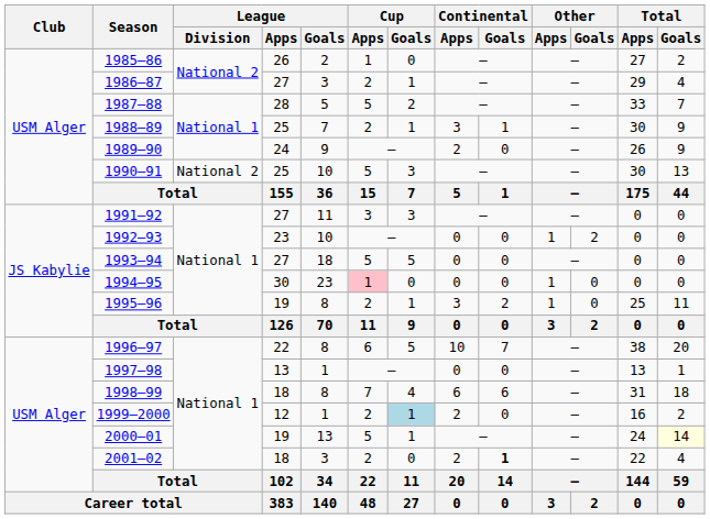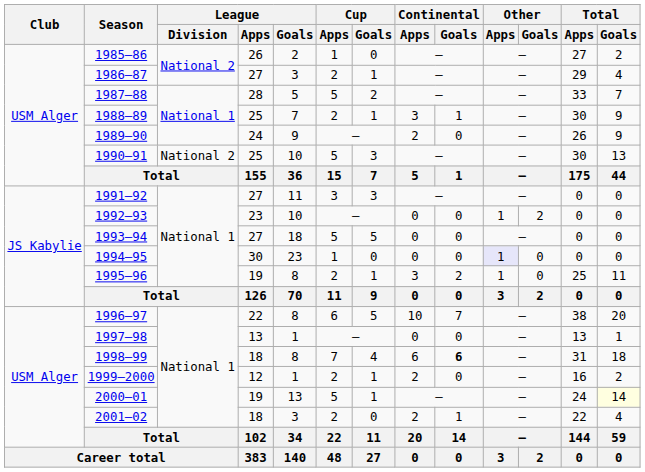 <table class="wikitable" style="text-align: center">
 <tr>
 <th rowspan="2">Club</th>
 <th rowspan="2">Season</th>
 <th colspan="3">League</th>
 <th colspan="2">Cup</th>
 <th colspan="2">Continental</th>
 <th colspan="2">Other</th>
 <th colspan="2">Total</th>
 </tr>
 <tr>
 <th>Division</th>
 <th>Apps</th>
 <th>Goals</th>
 <th>Apps</th>
 <th>Goals</th>
 <th>Apps</th>
 <th>Goals</th>
 <th>Apps</th>
 <th>Goals</th>
 <th>Apps</th>
 <th>Goals</th>
 </tr>
 <tr>
 <td rowspan="7" valign="center"><a href='#'>USM Alger</a></td>
 <td><a href='#'>1985–86</a></td>
 <td rowspan=2><a href='#'>National 2</a></td>
 <td>26</td>
 <td>2</td>
 <td>1</td>
 <td>0</td>
 <td colspan=2>—</td>
 <td colspan=2>—</td>
 <td>27</td>
 <td>2</td>
 </tr>
 <tr>
 <td><a href='#'>1986–87</a></td>
 <td>27</td>
 <td>3</td>
 <td>2</td>
 <td>1</td>
 <td colspan=2>—</td>
 <td colspan=2>—</td>
 <td>29</td>
 <td>4</td>
 </tr>
 <tr>
 <td><a href='#'>1987–88</a></td>
 <td rowspan=3><a href='#'>National 1</a></td>
 <td>28</td>
 <td>5</td>
 <td>5</td>
 <td>2</td>
 <td colspan=2>—</td>
 <td colspan=2>—</td>
 <td>33</td>
 <td>7</td>
 </tr>
 <tr>
 <td><a href='#'>1988–89</a></td>
 <td>25</td>
 <td>7</td>
 <td>2</td>
 <td>1</td>
 <td>3</td>
 <td>1</td>
 <td colspan=2>—</td>
 <td>30</td>
 <td>9</td>
 </tr>
 <tr>
 <td><a href='#'>1989–90</a></td>
 <td>24</td>
 <td>9</td>
 <td colspan=2>—</td>
 <td>2</td>
 <td>0</td>
 <td colspan=2>—</td>
 <td>26</td>
 <td>9</td>
 </tr>
 <tr>
 <td><a href='#'>1990–91</a></td>
 <td>National 2</td>
 <td>25</td>
 <td>10</td>
 <td>5</td>
 <td>3</td>
 <td colspan=2>—</td>
 <td colspan=2>—</td>
 <td>30</td>
 <td>13</td>
 </tr>
 <tr>
 <th colspan="2">Total</th>
 <th>155</th>
 <th>36</th>
 <th>15</th>
 <th>7</th>
 <th>5</th>
 <th>1</th>
 <th colspan=2>—</th>
 <th>175</th>
 <th>44</th>
 </tr>
 <tr>
 <td rowspan="6" valign="center"><a href='#'>JS Kabylie</a></td>
 <td><a href='#'>1991–92</a></td>
 <td rowspan=5>National 1</td>
 <td>27</td>
 <td>11</td>
 <td>3</td>
 <td>3</td>
 <td colspan=2>—</td>
 <td colspan=2>—</td>
 <td>0</td>
 <td>0</td>
 </tr>
 <tr>
 <td><a href='#'>1992–93</a></td>
 <td>23</td>
 <td>10</td>
 <td colspan=2>—</td>
 <td>0</td>
 <td>0</td>
 <td>1</td>
 <td>2</td>
 <td>0</td>
 <td>0</td>
 </tr>
 <tr>
 <td><a href='#'>1993–94</a></td>
 <td>27</td>
 <td>18</td>
 <td>5</td>
 <td>5</td>
 <td>0</td>
 <td>0</td>
 <td colspan=2>—</td>
 <td>0</td>
 <td>0</td>
 </tr>
 <tr>
 <td><a href='#'>1994–95</a></td>
 <td>30</td>
 <td>23</td>
-<td style="background: pink;">1</td>
+<td>1</td>
 <td>0</td>
 <td>0</td>
 <td>0</td>
-<td>1</td>
+<td style="background: lavender;">1</td>
 <td>0</td>
 <td>0</td>
 <td>0</td>
 </tr>
 <tr>
 <td><a href='#'>1995–96</a></td>
 <td>19</td>
 <td>8</td>
 <td>2</td>
 <td>1</td>
 <td>3</td>
 <td>2</td>
 <td>1</td>
 <td>0</td>
 <td>25</td>
 <td>11</td>
 </tr>
 <tr>
 <th colspan="2">Total</th>
 <th>126</th>
 <th>70</th>
 <th>11</th>
 <th>9</th>
 <th>0</th>
 <th>0</th>
 <th>3</th>
 <th>2</th>
 <th>0</th>
 <th>0</th>
 </tr>
 <tr>
 <td rowspan="7" valign="center"><a href='#'>USM Alger</a></td>
 <td><a href='#'>1996–97</a></td>
 <td rowspan=6>National 1</td>
 <td>22</td>
 <td>8</td>
 <td>6</td>
 <td>5</td>
 <td>10</td>
 <td>7</td>
 <td colspan=2>—</td>
 <td>38</td>
 <td>20</td>
 </tr>
 <tr>
 <td><a href='#'>1997–98</a></td>
 <td>13</td>
 <td>1</td>
 <td colspan=2>—</td>
 <td>0</td>
 <td>0</td>
 <td colspan=2>—</td>
 <td>13</td>
 <td>1</td>
 </tr>
 <tr>
 <td><a href='#'>1998–99</a></td>
 <td>18</td>
 <td>8</td>
 <td>7</td>
 <td>4</td>
 <td>6</td>
-<td>6</td>
+<td><strong>6</strong></td>
 <td colspan=2>—</td>
 <td>31</td>
 <td>18</td>
 </tr>
 <tr>
 <td><a href='#'>1999–2000</a></td>
 <td>12</td>
 <td>1</td>
 <td>2</td>
-<td style="background: lightblue;">1</td>
+<td>1</td>
 <td>2</td>
 <td>0</td>
 <td colspan=2>—</td>
 <td>16</td>
 <td>2</td>
 </tr>
 <tr>
 <td><a href='#'>2000–01</a></td>
 <td>19</td>
 <td>13</td>
 <td>5</td>
 <td>1</td>
 <td colspan=2>—</td>
 <td colspan=2>—</td>
 <td>24</td>
 <td style="background: lightyellow;">14</td>
 </tr>
 <tr>
 <td><a href='#'>2001–02</a></td>
 <td>18</td>
 <td>3</td>
 <td>2</td>
 <td>0</td>
 <td>2</td>
-<td><strong>1</strong></td>
+<td>1</td>
 <td colspan=2>—</td>
 <td>22</td>
 <td>4</td>
 </tr>
 <tr>
 <th colspan="2">Total</th>
 <th>102</th>
 <th>34</th>
 <th>22</th>
 <th>11</th>
 <th>20</th>
 <th>14</th>
 <th colspan=2>—</th>
 <th>144</th>
 <th>59</th>
 </tr>
 <tr>
 <th colspan="3">Career total</th>
 <th>383</th>
 <th>140</th>
 <th>48</th>
 <th>27</th>
 <th>0</th>
 <th>0</th>
 <th>3</th>
 <th>2</th>
 <th>0</th>
 <th>0</th>
 </tr>
 </table>
